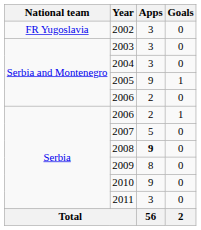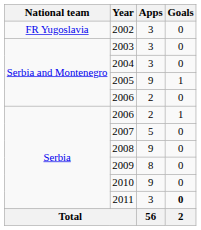 <table class="wikitable" style="text-align:center">
 <tr>
 <th>National team</th>
 <th>Year</th>
 <th>Apps</th>
 <th>Goals</th>
 </tr>
 <tr>
 <td><a href='#'>FR Yugoslavia</a></td>
 <td>2002</td>
 <td>3</td>
 <td>0</td>
 </tr>
 <tr>
 <td rowspan="4"><a href='#'>Serbia and Montenegro</a></td>
 <td>2003</td>
 <td>3</td>
 <td>0</td>
 </tr>
 <tr>
 <td>2004</td>
 <td>3</td>
 <td>0</td>
 </tr>
 <tr>
 <td>2005</td>
 <td>9</td>
 <td>1</td>
 </tr>
 <tr>
 <td>2006</td>
 <td>2</td>
 <td>0</td>
 </tr>
 <tr>
 <td rowspan="6"><a href='#'>Serbia</a></td>
 <td>2006</td>
 <td>2</td>
 <td>1</td>
 </tr>
 <tr>
 <td>2007</td>
 <td>5</td>
 <td>0</td>
 </tr>
 <tr>
 <td>2008</td>
-<td><strong>9</strong></td>
+<td>9</td>
 <td>0</td>
 </tr>
 <tr>
 <td>2009</td>
 <td>8</td>
 <td>0</td>
 </tr>
 <tr>
 <td>2010</td>
 <td>9</td>
 <td>0</td>
 </tr>
 <tr>
 <td>2011</td>
 <td>3</td>
-<td>0</td>
+<td><strong>0</strong></td>
 </tr>
 <tr>
 <th colspan="2">Total</th>
 <th>56</th>
 <th>2</th>
 </tr>
 </table>
